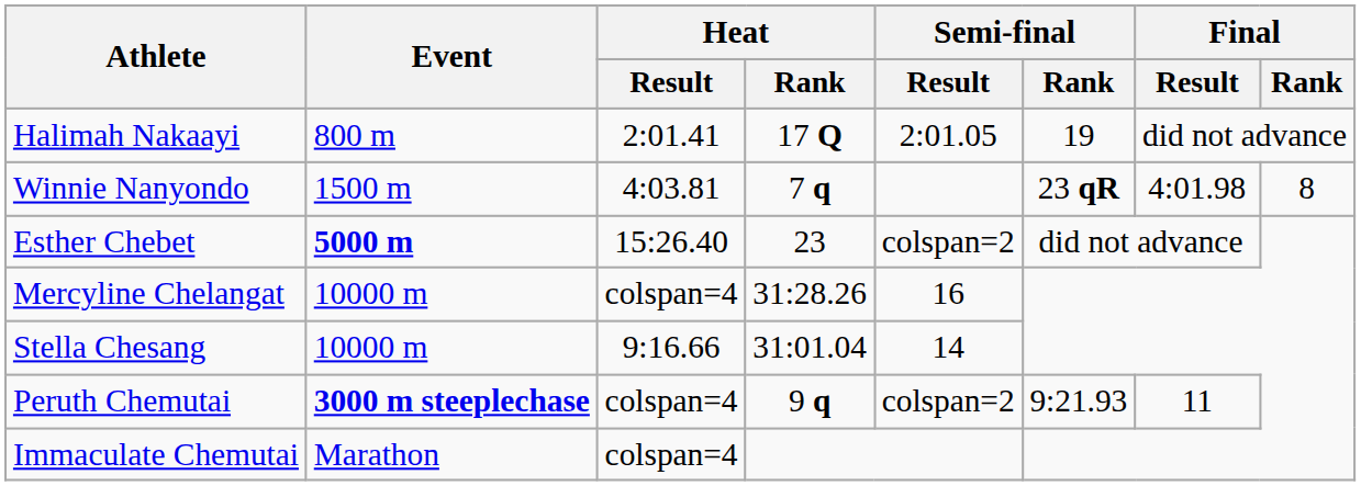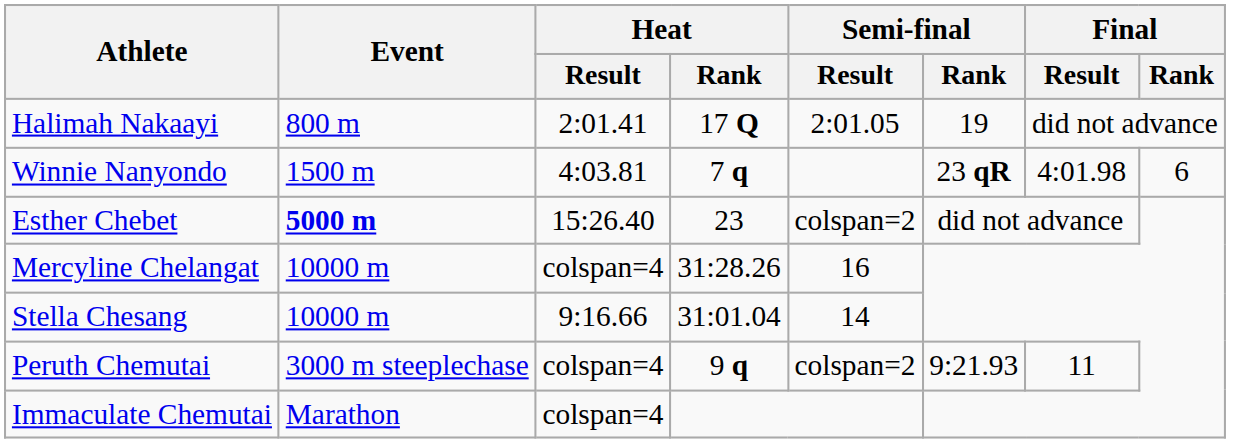 <table class=wikitable style=font-size:90%>
 <tr>
 <th rowspan=2>Athlete</th>
 <th rowspan=2>Event</th>
 <th colspan=2>Heat</th>
 <th colspan=2>Semi-final</th>
 <th colspan=2>Final</th>
 </tr>
 <tr style=font-size:95%>
 <th>Result</th>
 <th>Rank</th>
 <th>Result</th>
 <th>Rank</th>
 <th>Result</th>
 <th>Rank</th>
 </tr>
 <tr align=center>
 <td align=left><a href='#'>Halimah Nakaayi</a></td>
 <td align=left><a href='#'>800 m</a></td>
 <td>2:01.41</td>
 <td>17 <strong>Q</strong></td>
 <td>2:01.05</td>
 <td>19</td>
 <td colspan=2>did not advance</td>
 </tr>
 <tr align=center>
 <td align=left><a href='#'>Winnie Nanyondo</a></td>
 <td align=left><a href='#'>1500 m</a></td>
 <td>4:03.81</td>
 <td>7 <strong>q</strong></td>
 <td></td>
 <td>23 <strong>qR</strong></td>
 <td>4:01.98</td>
-<td>8</td>
+<td>6</td>
 </tr>
 <tr align=center>
 <td align=left><a href='#'>Esther Chebet</a></td>
 <td align=left><strong><a href='#'>5000 m</a></strong></td>
 <td>15:26.40</td>
 <td>23</td>
 <td>colspan=2</td>
 <td colspan=2>did not advance</td>
 </tr>
 <tr align=center>
 <td align=left><a href='#'>Mercyline Chelangat</a></td>
 <td align=left><a href='#'>10000 m</a></td>
 <td>colspan=4</td>
 <td>31:28.26 </td>
 <td>16</td>
 </tr>
 <tr align=center>
 <td align=left><a href='#'>Stella Chesang</a></td>
 <td align=left><a href='#'>10000 m</a></td>
 <td>9:16.66</td>
 <td>31:01.04 </td>
 <td>14</td>
 </tr>
 <tr align=center>
 <td align=left><a href='#'>Peruth Chemutai</a></td>
-<td align=left><strong><a href='#'>3000 m steeplechase</a></strong></td>
+<td align=left><a href='#'>3000 m steeplechase</a></td>
 <td>colspan=4</td>
 <td>9 <strong>q</strong></td>
 <td>colspan=2</td>
 <td>9:21.93</td>
 <td>11</td>
 </tr>
 <tr align=center>
 <td align=left><a href='#'>Immaculate Chemutai</a></td>
 <td align=left><a href='#'>Marathon</a></td>
 <td>colspan=4</td>
 <td colspan=2></td>
 </tr>
 </table>
